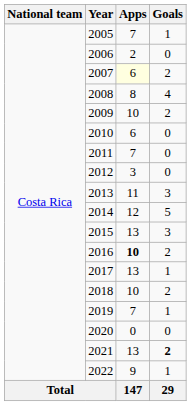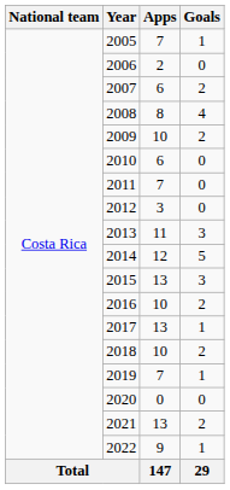 <table class="wikitable" style="text-align:center">
 <tr>
 <th>National team</th>
 <th>Year</th>
 <th>Apps</th>
 <th>Goals</th>
 </tr>
 <tr>
 <td rowspan="18"><a href='#'>Costa Rica</a></td>
 <td>2005</td>
 <td>7</td>
 <td>1</td>
 </tr>
 <tr>
 <td>2006</td>
 <td>2</td>
 <td>0</td>
 </tr>
 <tr>
 <td>2007</td>
-<td style="background: lightyellow;">6</td>
+<td>6</td>
 <td>2</td>
 </tr>
 <tr>
 <td>2008</td>
 <td>8</td>
 <td>4</td>
 </tr>
 <tr>
 <td>2009</td>
 <td>10</td>
 <td>2</td>
 </tr>
 <tr>
 <td>2010</td>
 <td>6</td>
 <td>0</td>
 </tr>
 <tr>
 <td>2011</td>
 <td>7</td>
 <td>0</td>
 </tr>
 <tr>
 <td>2012</td>
 <td>3</td>
 <td>0</td>
 </tr>
 <tr>
 <td>2013</td>
 <td>11</td>
 <td>3</td>
 </tr>
 <tr>
 <td>2014</td>
 <td>12</td>
 <td>5</td>
 </tr>
 <tr>
 <td>2015</td>
 <td>13</td>
 <td>3</td>
 </tr>
 <tr>
 <td>2016</td>
-<td><strong>10</strong></td>
+<td>10</td>
 <td>2</td>
 </tr>
 <tr>
 <td>2017</td>
 <td>13</td>
 <td>1</td>
 </tr>
 <tr>
 <td>2018</td>
 <td>10</td>
 <td>2</td>
 </tr>
 <tr>
 <td>2019</td>
 <td>7</td>
 <td>1</td>
 </tr>
 <tr>
 <td>2020</td>
 <td>0</td>
 <td>0</td>
 </tr>
 <tr>
 <td>2021</td>
 <td>13</td>
-<td><strong>2</strong></td>
+<td>2</td>
 </tr>
 <tr>
 <td>2022</td>
 <td>9</td>
 <td>1</td>
 </tr>
 <tr>
 <th colspan="2">Total</th>
 <th>147</th>
 <th>29</th>
 </tr>
 </table>
